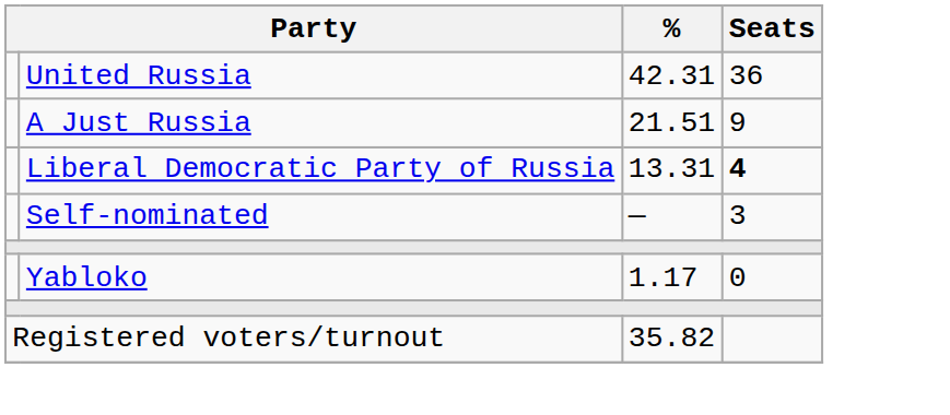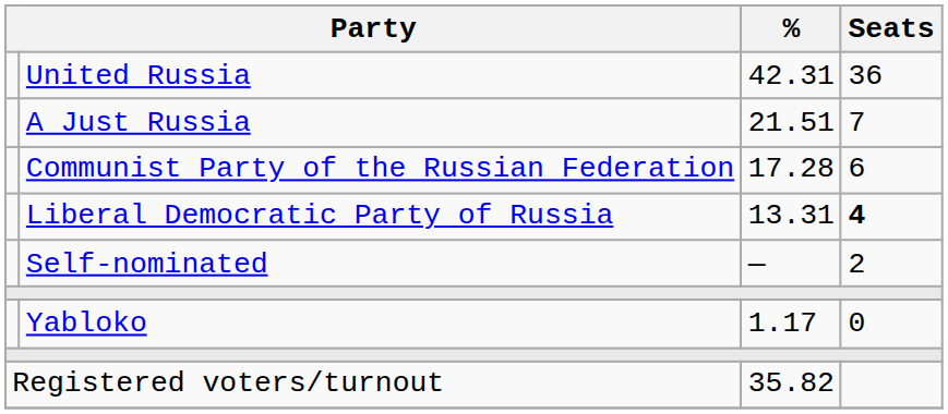 <table class="wikitable">
 <tr>
 <th colspan=2>Party</th>
 <th>%</th>
 <th>Seats</th>
 </tr>
 <tr>
 <td style="background:"></td>
 <td><a href='#'>United Russia</a></td>
 <td>42.31</td>
 <td>36</td>
 </tr>
 <tr>
 <td style="background:"></td>
 <td><a href='#'>A Just Russia</a></td>
 <td>21.51</td>
-<td>9</td>
+<td>7</td>
+</tr>
+<tr>
+<td style="background:"></td>
+<td><a href='#'>Communist Party of the Russian Federation</a></td>
+<td>17.28</td>
+<td>6</td>
 </tr>
 <tr>
 <td style="background:"></td>
 <td><a href='#'>Liberal Democratic Party of Russia</a></td>
 <td>13.31</td>
 <td><strong>4</strong></td>
 </tr>
 <tr>
 <td style="background:"></td>
 <td><a href='#'>Self-nominated</a></td>
 <td>—</td>
-<td>3</td>
+<td>2</td>
 </tr>
 <tr>
 <td colspan=4 style="background:#E9E9E9;"></td>
 </tr>
 <tr>
 <td style="background:"></td>
 <td><a href='#'>Yabloko</a></td>
 <td>1.17</td>
 <td>0</td>
 </tr>
 <tr>
 <td colspan=4 style="background:#E9E9E9;"></td>
 </tr>
 <tr>
 <td align=left colspan=2>Registered voters/turnout</td>
 <td>35.82</td>
 <td></td>
 </tr>
 <tr>
 </tr>
 </table>
